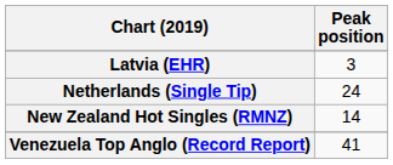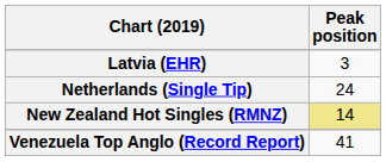 <table class="wikitable sortable plainrowheaders" style="text-align:center">
 <tr>
 <th scope="col">Chart (2019)</th>
 <th scope="col">Peak<br>position</th>
 </tr>
 <tr>
 </tr>
 <tr>
 </tr>
 <tr>
 <th scope="row">Latvia (<a href='#'>EHR</a>)</th>
 <td>3</td>
 </tr>
 <tr>
 <th scope="row">Netherlands (<a href='#'>Single Tip</a>)</th>
 <td>24</td>
 </tr>
 <tr>
 <th scope="row">New Zealand Hot Singles (<a href='#'>RMNZ</a>)</th>
-<td>14</td>
+<td style="background: khaki;">14</td>
 </tr>
 <tr>
 </tr>
 <tr>
 </tr>
 <tr>
 </tr>
 <tr>
 </tr>
 <tr>
 </tr>
 <tr>
 </tr>
 <tr>
 <th scope="row">Venezuela Top Anglo (<a href='#'>Record Report</a>)</th>
 <td>41</td>
 </tr>
 </table>
